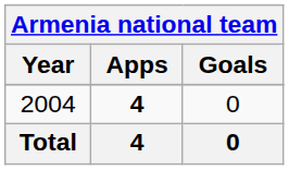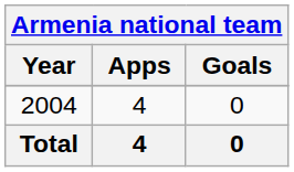 <table class="wikitable" style="text-align:center">
 <tr>
 <th colspan=3><a href='#'>Armenia national team</a></th>
 </tr>
 <tr>
 <th>Year</th>
 <th>Apps</th>
 <th>Goals</th>
 </tr>
 <tr>
 </tr>
 <tr>
 <td>2004</td>
-<td><strong>4</strong></td>
+<td>4</td>
 <td>0</td>
 </tr>
 <tr>
 <th>Total</th>
 <th>4</th>
 <th>0</th>
 </tr>
 </table>
